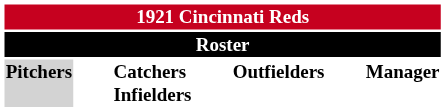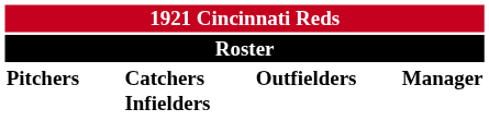 <table class="toccolours" style="font-size: 95%;">
 <tr>
 <th colspan="10" style="background-color: #c6011f; color: white; text-align: center;">1921 Cincinnati Reds</th>
 </tr>
 <tr>
 <td colspan="10" style="background-color: black; color: white; text-align: center;"><strong>Roster</strong></td>
 </tr>
 <tr>
-<td valign="top" style="background: lightgrey;"><strong>Pitchers</strong><br>           </td>
+<td valign="top"><strong>Pitchers</strong><br>           </td>
 <td width="25px"></td>
 <td valign="top"><strong>Catchers</strong><br>   <strong>Infielders</strong>       </td>
 <td width="25px"></td>
 <td valign="top"><strong>Outfielders</strong><br>       </td>
 <td width="25px"></td>
 <td valign="top"><strong>Manager</strong><br></td>
 </tr>
 </table>
